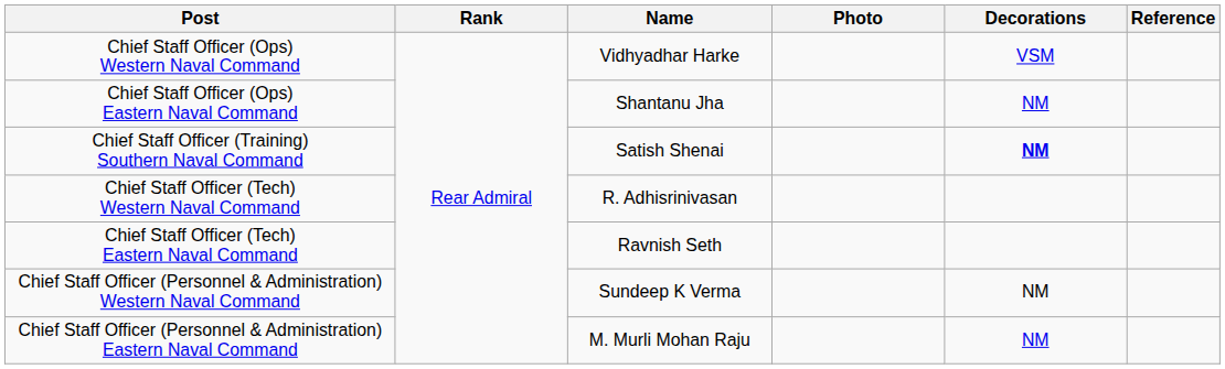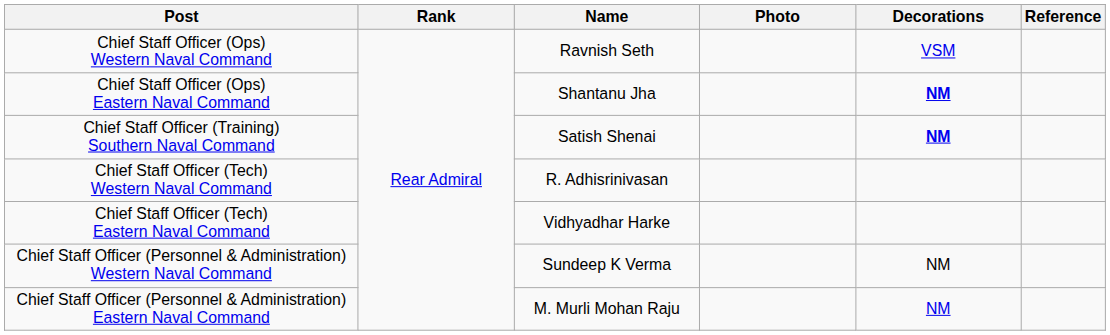 <table class="wikitable" style="text-align:center">
 <tr style="background:#cccccc">
 <th scope="col" style="width: 350px;">Post</th>
 <th scope="col" style="width: 150px;">Rank</th>
 <th scope="col" style="width: 180px;">Name</th>
 <th scope="col" style="width: 150px;">Photo</th>
 <th scope="col" style="width: 160px;">Decorations</th>
 <th scope="col" style="width: 5px;">Reference</th>
 </tr>
 <tr>
 <td>Chief Staff Officer (Ops)<br><a href='#'>Western Naval Command</a></td>
 <td rowspan='7'><a href='#'>Rear Admiral</a></td>
-<td>Vidhyadhar Harke</td>
+<td>Ravnish Seth</td>
 <td></td>
 <td><a href='#'>VSM</a></td>
 <td></td>
 </tr>
 <tr>
 <td>Chief Staff Officer (Ops)<br><a href='#'>Eastern Naval Command</a></td>
 <td>Shantanu Jha</td>
 <td></td>
-<td><a href='#'>NM</a></td>
+<td><strong><a href='#'>NM</a></strong></td>
 <td></td>
 </tr>
 <tr>
 <td>Chief Staff Officer (Training)<br><a href='#'>Southern Naval Command</a></td>
 <td>Satish Shenai</td>
 <td></td>
 <td><strong><a href='#'>NM</a></strong></td>
 <td></td>
 </tr>
 <tr>
 <td>Chief Staff Officer (Tech)<br><a href='#'>Western Naval Command</a></td>
 <td>R. Adhisrinivasan</td>
 <td></td>
 <td></td>
 <td></td>
 </tr>
 <tr>
 <td>Chief Staff Officer (Tech)<br><a href='#'>Eastern Naval Command</a></td>
-<td>Ravnish Seth</td>
+<td>Vidhyadhar Harke</td>
 <td></td>
 <td></td>
 <td></td>
 </tr>
 <tr>
 <td>Chief Staff Officer (Personnel & Administration)<br><a href='#'>Western Naval Command</a></td>
 <td>Sundeep K Verma</td>
 <td></td>
 <td>NM</td>
 <td></td>
 </tr>
 <tr>
 <td>Chief Staff Officer (Personnel & Administration)<br><a href='#'>Eastern Naval Command</a></td>
 <td>M. Murli Mohan Raju</td>
 <td></td>
 <td><a href='#'>NM</a></td>
 <td></td>
 </tr>
 </table>
